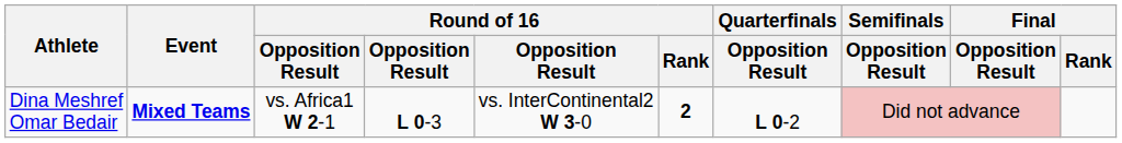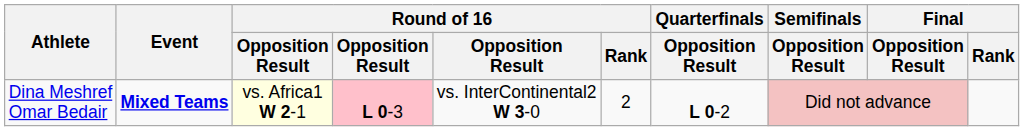 <table class="wikitable" border="1" style="font-size:90%">
 <tr>
 <th rowspan=2>Athlete</th>
 <th rowspan=2>Event</th>
 <th colspan=4>Round of 16</th>
 <th>Quarterfinals</th>
 <th>Semifinals</th>
 <th colspan=2>Final</th>
 </tr>
 <tr>
 <th>Opposition<br>Result</th>
 <th>Opposition<br>Result</th>
 <th>Opposition<br>Result</th>
 <th>Rank</th>
 <th>Opposition<br>Result</th>
 <th>Opposition<br>Result</th>
 <th>Opposition<br>Result</th>
 <th>Rank</th>
 </tr>
 <tr>
 <td><a href='#'>Dina Meshref</a> <br> <a href='#'>Omar Bedair</a></td>
 <td><strong><a href='#'>Mixed Teams</a></strong></td>
-<td align=center>vs. Africa1 <br> <strong>W</strong> <strong>2</strong>-1</td>
-<td align=center> <br> <strong>L</strong> <strong>0</strong>-3</td>
+<td align=center style="background: lightyellow;">vs. Africa1 <br> <strong>W</strong> <strong>2</strong>-1</td>
+<td align=center style="background: pink;"> <br> <strong>L</strong> <strong>0</strong>-3</td>
 <td align=center>vs. InterContinental2 <br> <strong>W</strong> <strong>3</strong>-0</td>
-<td align=center><strong>2</strong></td>
+<td align=center>2</td>
 <td align=center><br> <strong>L</strong> <strong>0</strong>-2</td>
 <td bgcolor="f4c2c2"  colspan=2 align=center>Did not advance</td>
 <td align=center></td>
 </tr>
 </table>
